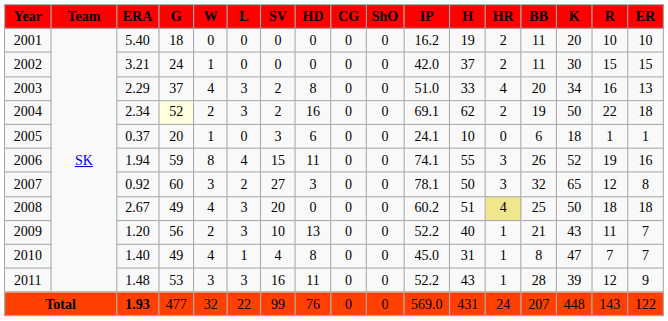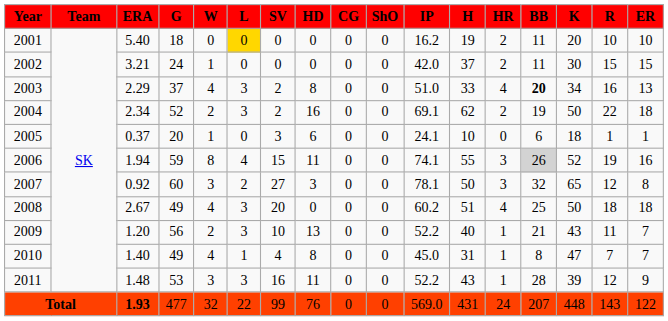 <table class="wikitable" style="text-align:center;font-size:small">
 <tr bgcolor="cccccc">
 <th style="background:#ff0000;" width="42"><span>Year </span></th>
 <th style="background:#ff0000;" width="65"><span>Team </span></th>
 <th style="background:#ff0000;" width="35"><span>ERA</span></th>
 <th style="background:#ff0000;" width="30"><span>G </span></th>
 <th style="background:#ff0000;" width="30"><span>W </span></th>
 <th style="background:#ff0000;" width="30"><span>L </span></th>
 <th style="background:#ff0000;" width="30"><span>SV </span></th>
 <th style="background:#ff0000;" width="30"><span>HD </span></th>
 <th style="background:#ff0000;" width="30"><span>CG </span></th>
 <th style="background:#ff0000;" width="30"><span>ShO </span></th>
 <th style="background:#ff0000;" width="40"><span>IP </span></th>
 <th style="background:#ff0000;" width="30"><span>H </span></th>
 <th style="background:#ff0000;" width="30"><span>HR </span></th>
 <th style="background:#ff0000;" width="30"><span>BB </span></th>
 <th style="background:#ff0000;" width="30"><span>K </span></th>
 <th style="background:#ff0000;" width="30"><span>R </span></th>
 <th style="background:#ff0000;" width="30"><span>ER</span></th>
 </tr>
 <tr>
 <td>2001</td>
 <td rowspan="11" style="text-align:center;"><a href='#'>SK</a></td>
 <td>5.40</td>
 <td>18</td>
 <td>0</td>
-<td>0</td>
+<td style="background: gold;">0</td>
 <td>0</td>
 <td>0</td>
 <td>0</td>
 <td>0</td>
 <td>16.2</td>
 <td>19</td>
 <td>2</td>
 <td>11</td>
 <td>20</td>
 <td>10</td>
 <td>10</td>
 </tr>
 <tr>
 <td>2002</td>
 <td>3.21</td>
 <td>24</td>
 <td>1</td>
 <td>0</td>
 <td>0</td>
 <td>0</td>
 <td>0</td>
 <td>0</td>
 <td>42.0</td>
 <td>37</td>
 <td>2</td>
 <td>11</td>
 <td>30</td>
 <td>15</td>
 <td>15</td>
 </tr>
 <tr>
 <td>2003</td>
 <td>2.29</td>
 <td>37</td>
 <td>4</td>
 <td>3</td>
 <td>2</td>
 <td>8</td>
 <td>0</td>
 <td>0</td>
 <td>51.0</td>
 <td>33</td>
 <td>4</td>
-<td>20</td>
+<td><strong>20</strong></td>
 <td>34</td>
 <td>16</td>
 <td>13</td>
 </tr>
 <tr>
 <td>2004</td>
 <td>2.34</td>
-<td style="background: lightyellow;">52</td>
+<td>52</td>
 <td>2</td>
 <td>3</td>
 <td>2</td>
 <td>16</td>
 <td>0</td>
 <td>0</td>
 <td>69.1</td>
 <td>62</td>
 <td>2</td>
 <td>19</td>
 <td>50</td>
 <td>22</td>
 <td>18</td>
 </tr>
 <tr>
 <td>2005</td>
 <td>0.37</td>
 <td>20</td>
 <td>1</td>
 <td>0</td>
 <td>3</td>
 <td>6</td>
 <td>0</td>
 <td>0</td>
 <td>24.1</td>
 <td>10</td>
 <td>0</td>
 <td>6</td>
 <td>18</td>
 <td>1</td>
 <td>1</td>
 </tr>
 <tr>
 <td>2006</td>
 <td>1.94</td>
 <td>59</td>
 <td>8</td>
 <td>4</td>
 <td>15</td>
 <td>11</td>
 <td>0</td>
 <td>0</td>
 <td>74.1</td>
 <td>55</td>
 <td>3</td>
-<td>26</td>
+<td style="background: lightgrey;">26</td>
 <td>52</td>
 <td>19</td>
 <td>16</td>
 </tr>
 <tr>
 <td>2007</td>
 <td>0.92</td>
 <td>60</td>
 <td>3</td>
 <td>2</td>
 <td>27</td>
 <td>3</td>
 <td>0</td>
 <td>0</td>
 <td>78.1</td>
 <td>50</td>
 <td>3</td>
 <td>32</td>
 <td>65</td>
 <td>12</td>
 <td>8</td>
 </tr>
 <tr>
 <td>2008</td>
 <td>2.67</td>
 <td>49</td>
 <td>4</td>
 <td>3</td>
 <td>20</td>
 <td>0</td>
 <td>0</td>
 <td>0</td>
 <td>60.2</td>
 <td>51</td>
-<td style="background: khaki;">4</td>
+<td>4</td>
 <td>25</td>
 <td>50</td>
 <td>18</td>
 <td>18</td>
 </tr>
 <tr>
 <td>2009</td>
 <td>1.20</td>
 <td>56</td>
 <td>2</td>
 <td>3</td>
 <td>10</td>
 <td>13</td>
 <td>0</td>
 <td>0</td>
 <td>52.2</td>
 <td>40</td>
 <td>1</td>
 <td>21</td>
 <td>43</td>
 <td>11</td>
 <td>7</td>
 </tr>
 <tr>
 <td>2010</td>
 <td>1.40</td>
 <td>49</td>
 <td>4</td>
 <td>1</td>
 <td>4</td>
 <td>8</td>
 <td>0</td>
 <td>0</td>
 <td>45.0</td>
 <td>31</td>
 <td>1</td>
 <td>8</td>
 <td>47</td>
 <td>7</td>
 <td>7</td>
 </tr>
 <tr>
 <td>2011</td>
 <td>1.48</td>
 <td>53</td>
 <td>3</td>
 <td>3</td>
 <td>16</td>
 <td>11</td>
 <td>0</td>
 <td>0</td>
 <td>52.2</td>
 <td>43</td>
 <td>1</td>
 <td>28</td>
 <td>39</td>
 <td>12</td>
 <td>9</td>
 </tr>
 <tr bgcolor="#ff4000">
 <td colspan="2"><span><strong>Total</strong></span></td>
 <td><span><strong>1.93</strong></span></td>
 <td><span>477</span></td>
 <td><span>32</span></td>
 <td><span>22</span></td>
 <td><span>99</span></td>
 <td><span>76</span></td>
 <td><span>0</span></td>
 <td><span>0</span></td>
 <td><span>569.0</span></td>
 <td><span>431</span></td>
 <td><span>24</span></td>
 <td><span>207</span></td>
 <td><span>448</span></td>
 <td><span>143</span></td>
 <td><span>122</span></td>
 </tr>
 </table>
